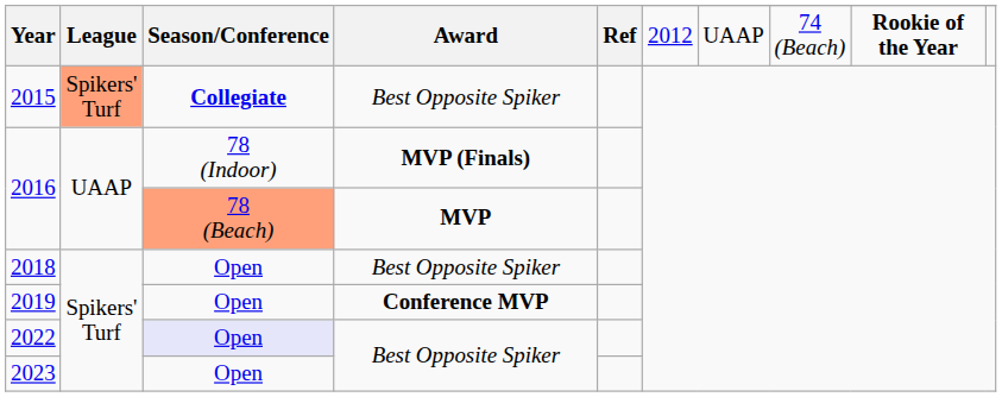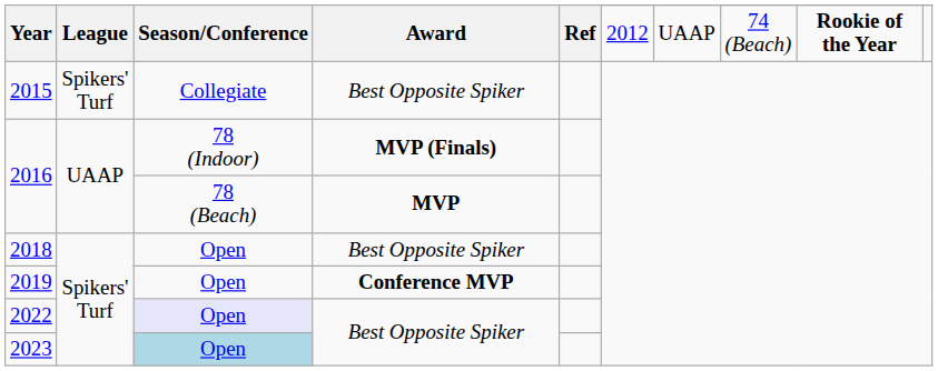 <table class="wikitable sortable" style="text-align:center" width="80%">
 <tr>
 <th style="width:5px;" rowspan="2">Year</th>
 <th style="width:25px;" rowspan="2">League</th>
 <th style="width:100px;" rowspan="2">Season/Conference</th>
 <th style="width:180px;" rowspan="2">Award</th>
 <th style="width:25px;" rowspan="2">Ref</th>
 </tr>
 <tr align=center>
 <td><a href='#'>2012</a></td>
 <td>UAAP</td>
 <td><a href='#'>74</a> <br> <em>(Beach)</em></td>
 <td><strong>Rookie of the Year</strong></td>
 <td></td>
 </tr>
 <tr>
 <td><a href='#'>2015</a></td>
-<td style="background: lightsalmon;">Spikers' Turf</td>
-<td><strong><a href='#'>Collegiate</a></strong></td>
+<td>Spikers' Turf</td>
+<td><a href='#'>Collegiate</a></td>
 <td><em>Best Opposite Spiker</em></td>
 <td></td>
 </tr>
 <tr align=center>
 <td rowspan=2><a href='#'>2016</a></td>
 <td rowspan=2>UAAP</td>
 <td rowspan=1><a href='#'>78</a> <br><em>(Indoor)</em></td>
 <td><strong>MVP (Finals)</strong></td>
 <td></td>
 </tr>
 <tr align=center>
-<td style="background: lightsalmon;"><a href='#'>78</a> <br><em>(Beach)</em></td>
+<td><a href='#'>78</a> <br><em>(Beach)</em></td>
 <td><strong>MVP</strong></td>
 <td></td>
 </tr>
 <tr align=center>
 <td><a href='#'>2018</a></td>
 <td rowspan=5>Spikers' Turf</td>
 <td><a href='#'>Open</a></td>
 <td rowspan=2><em>Best Opposite Spiker</em></td>
 <td></td>
 </tr>
 <tr align=center>
 <td rowspan="2"><a href='#'>2019</a></td>
 <td rowspan="2"><a href='#'>Open</a></td>
 <td rowspan="2"></td>
 </tr>
 <tr>
 <td><strong>Conference MVP</strong></td>
 </tr>
 <tr align=center>
 <td><a href='#'>2022</a></td>
 <td style="background: lavender;"><a href='#'>Open</a></td>
 <td rowspan=2><em>Best Opposite Spiker</em></td>
 <td></td>
 </tr>
 <tr align=center>
 <td><a href='#'>2023</a></td>
-<td><a href='#'>Open</a></td>
+<td style="background: lightblue;"><a href='#'>Open</a></td>
 <td></td>
 </tr>
 </table>
